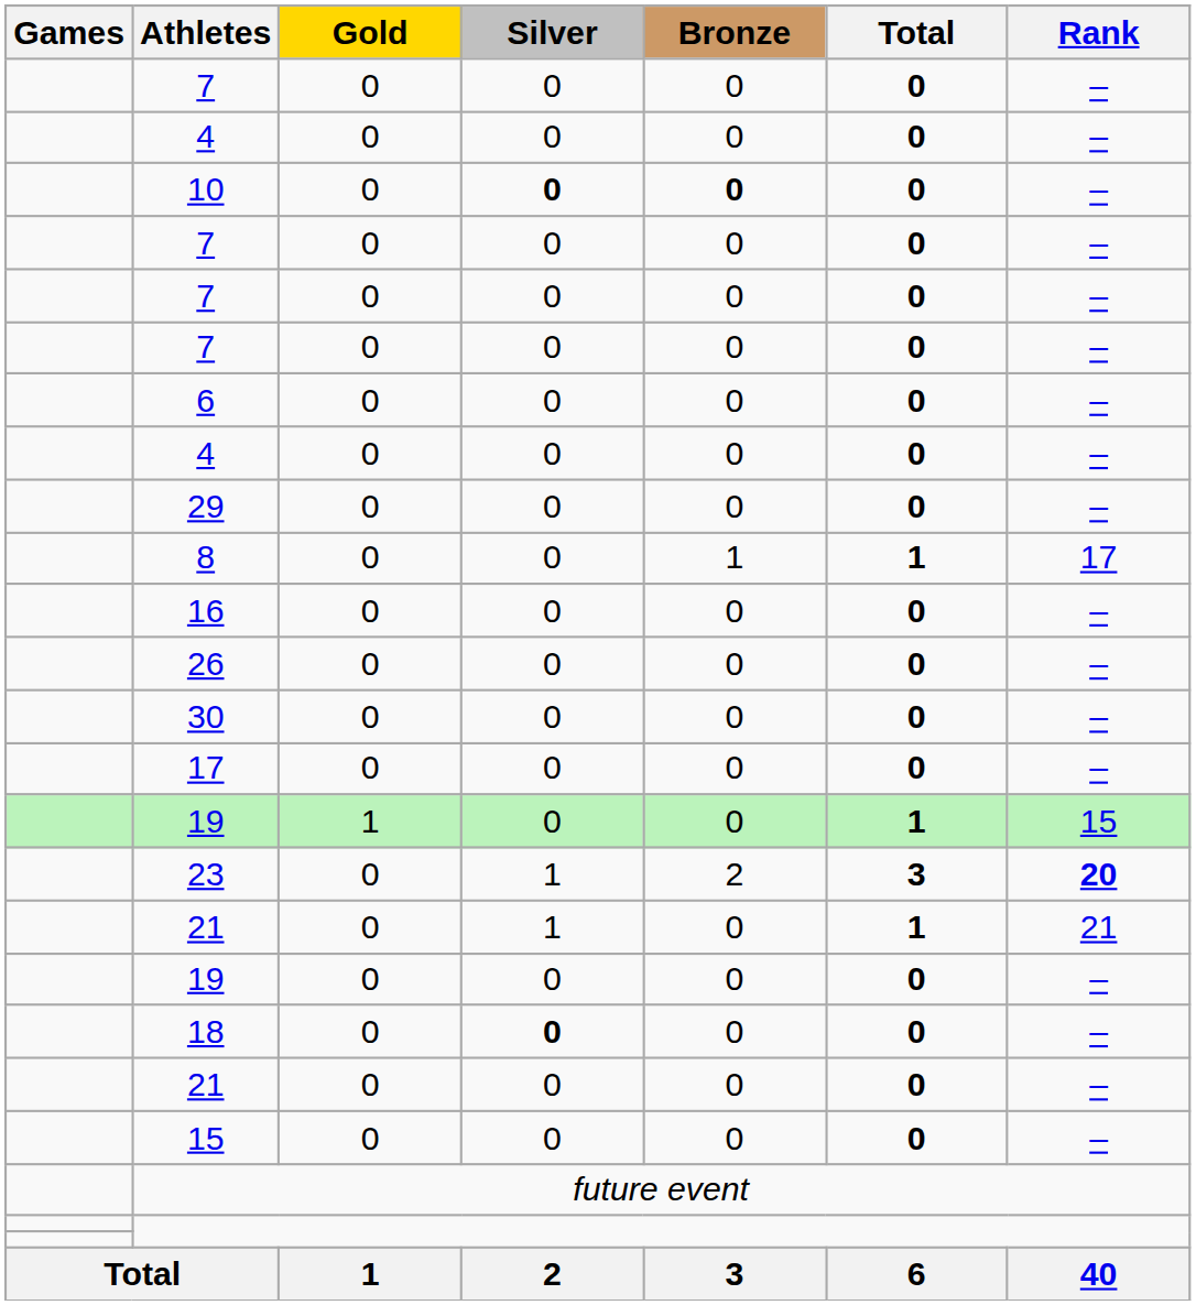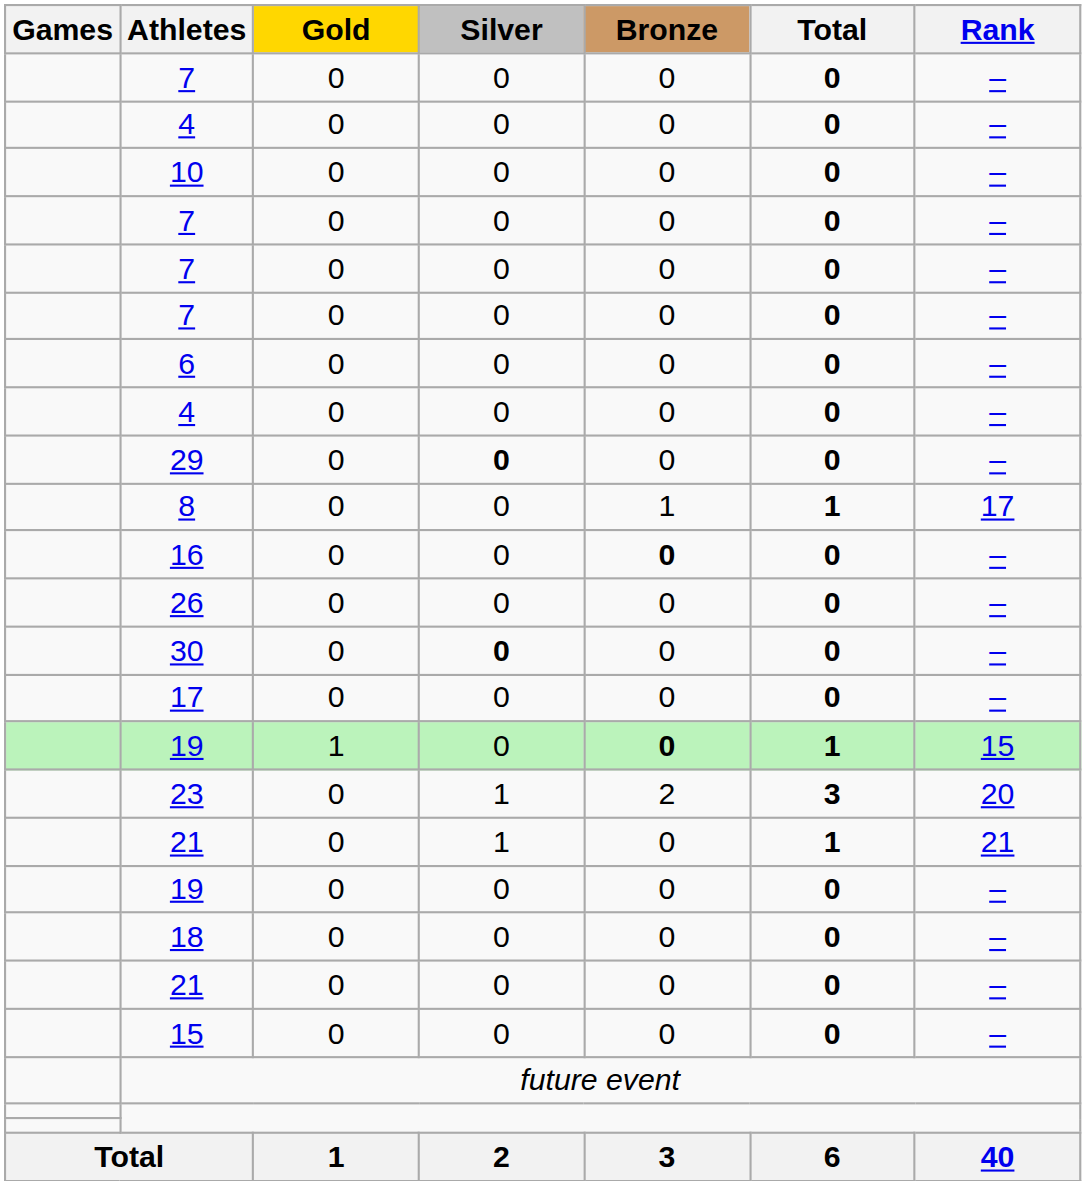 <table class = wikitable style = text-align:center;font-size:90%>
 <tr>
 <th>Games</th>
 <th>Athletes</th>
 <td style = background:gold;width:5em;font-weight:bold>Gold</td>
 <td style = background:silver;width:5em;font-weight:bold>Silver</td>
 <td style = background:#c96;width:5em;font-weight:bold>Bronze</td>
 <th style = width:5em;font-weight:bold>Total</th>
 <th style = width:5em;font-weight:bold><a href='#'>Rank</a></th>
 </tr>
 <tr>
 <td align=left></td>
 <td><a href='#'>7</a></td>
 <td>0</td>
 <td>0</td>
 <td>0</td>
 <td><strong>0</strong></td>
 <td><a href='#'>–</a></td>
 </tr>
 <tr>
 <td align=left></td>
 <td><a href='#'>4</a></td>
 <td>0</td>
 <td>0</td>
 <td>0</td>
 <td><strong>0</strong></td>
 <td><a href='#'>–</a></td>
 </tr>
 <tr>
 <td align=left></td>
 <td><a href='#'>10</a></td>
 <td>0</td>
-<td><strong>0</strong></td>
-<td><strong>0</strong></td>
+<td>0</td>
+<td>0</td>
 <td><strong>0</strong></td>
 <td><a href='#'>–</a></td>
 </tr>
 <tr>
 <td align=left></td>
 <td><a href='#'>7</a></td>
 <td>0</td>
 <td>0</td>
 <td>0</td>
 <td><strong>0</strong></td>
 <td><a href='#'>–</a></td>
 </tr>
 <tr>
 <td align=left></td>
 <td><a href='#'>7</a></td>
 <td>0</td>
 <td>0</td>
 <td>0</td>
 <td><strong>0</strong></td>
 <td><a href='#'>–</a></td>
 </tr>
 <tr>
 <td align=left></td>
 <td><a href='#'>7</a></td>
 <td>0</td>
 <td>0</td>
 <td>0</td>
 <td><strong>0</strong></td>
 <td><a href='#'>–</a></td>
 </tr>
 <tr>
 <td align=left></td>
 <td><a href='#'>6</a></td>
 <td>0</td>
 <td>0</td>
 <td>0</td>
 <td><strong>0</strong></td>
 <td><a href='#'>–</a></td>
 </tr>
 <tr>
 <td align=left></td>
 <td><a href='#'>4</a></td>
 <td>0</td>
 <td>0</td>
 <td>0</td>
 <td><strong>0</strong></td>
 <td><a href='#'>–</a></td>
 </tr>
 <tr>
 <td align=left></td>
 <td><a href='#'>29</a></td>
 <td>0</td>
-<td>0</td>
+<td><strong>0</strong></td>
 <td>0</td>
 <td><strong>0</strong></td>
 <td><a href='#'>–</a></td>
 </tr>
 <tr>
 <td align=left></td>
 <td><a href='#'>8</a></td>
 <td>0</td>
 <td>0</td>
 <td>1</td>
 <td><strong>1</strong></td>
 <td><a href='#'>17</a></td>
 </tr>
 <tr>
 <td align=left></td>
 <td><a href='#'>16</a></td>
 <td>0</td>
 <td>0</td>
-<td>0</td>
+<td><strong>0</strong></td>
 <td><strong>0</strong></td>
 <td><a href='#'>–</a></td>
 </tr>
 <tr>
 <td align=left></td>
 <td><a href='#'>26</a></td>
 <td>0</td>
 <td>0</td>
 <td>0</td>
 <td><strong>0</strong></td>
 <td><a href='#'>–</a></td>
 </tr>
 <tr>
 <td align=left></td>
 <td><a href='#'>30</a></td>
 <td>0</td>
-<td>0</td>
+<td><strong>0</strong></td>
 <td>0</td>
 <td><strong>0</strong></td>
 <td><a href='#'>–</a></td>
 </tr>
 <tr>
 <td align=left></td>
 <td><a href='#'>17</a></td>
 <td>0</td>
 <td>0</td>
 <td>0</td>
 <td><strong>0</strong></td>
 <td><a href='#'>–</a></td>
 </tr>
 <tr bgcolor=#bbf3bb>
 <td align=left></td>
 <td><a href='#'>19</a></td>
 <td>1</td>
 <td>0</td>
-<td>0</td>
+<td><strong>0</strong></td>
 <td><strong>1</strong></td>
 <td><a href='#'>15</a></td>
 </tr>
 <tr>
 <td align=left></td>
 <td><a href='#'>23</a></td>
 <td>0</td>
 <td>1</td>
 <td>2</td>
 <td><strong>3</strong></td>
-<td><strong><a href='#'>20</a></strong></td>
+<td><a href='#'>20</a></td>
 </tr>
 <tr>
 <td align=left></td>
 <td><a href='#'>21</a></td>
 <td>0</td>
 <td>1</td>
 <td>0</td>
 <td><strong>1</strong></td>
 <td><a href='#'>21</a></td>
 </tr>
 <tr>
 <td align=left></td>
 <td><a href='#'>19</a></td>
 <td>0</td>
 <td>0</td>
 <td>0</td>
 <td><strong>0</strong></td>
 <td><a href='#'>–</a></td>
 </tr>
 <tr>
 <td align=left></td>
 <td><a href='#'>18</a></td>
 <td>0</td>
-<td><strong>0</strong></td>
+<td>0</td>
 <td>0</td>
 <td><strong>0</strong></td>
 <td><a href='#'>–</a></td>
 </tr>
 <tr>
 <td align=left></td>
 <td><a href='#'>21</a></td>
 <td>0</td>
 <td>0</td>
 <td>0</td>
 <td><strong>0</strong></td>
 <td><a href='#'>–</a></td>
 </tr>
 <tr>
 <td align=left></td>
 <td><a href='#'>15</a></td>
 <td>0</td>
 <td>0</td>
 <td>0</td>
 <td><strong>0</strong></td>
 <td><a href='#'>–</a></td>
 </tr>
 <tr>
 <td align=left></td>
 <td colspan=6><em>future event</em></td>
 </tr>
 <tr>
 <td align=left></td>
 </tr>
 <tr>
 <td align=left></td>
 </tr>
 <tr>
 <th colspan=2>Total</th>
 <th>1</th>
 <th>2</th>
 <th>3</th>
 <th>6</th>
 <th><a href='#'>40</a></th>
 </tr>
 </table>
